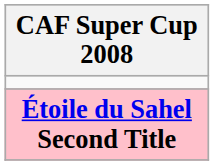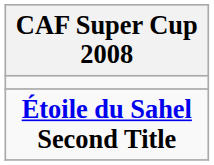 <table class="wikitable" style="margin: 0 auto; width: 20%;">
 <tr>
 <th>CAF Super Cup 2008</th>
 </tr>
 <tr>
 <td align=center></td>
 </tr>
 <tr>
-<td align=center style="background: pink;"><strong><a href='#'>Étoile du Sahel</a></strong><br><strong>Second Title</strong> <br></td>
+<td align=center><strong><a href='#'>Étoile du Sahel</a></strong><br><strong>Second Title</strong> <br></td>
 </tr>
 </table>
